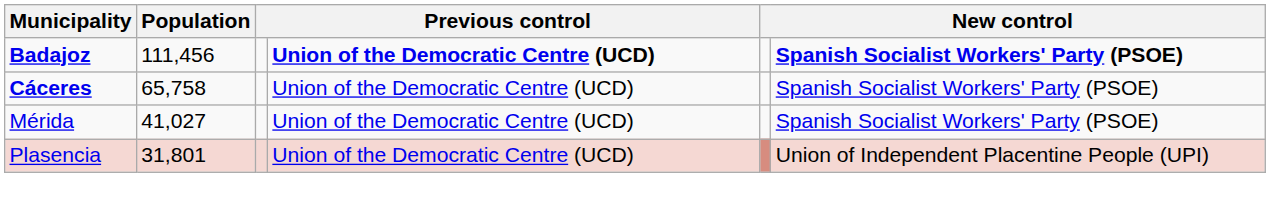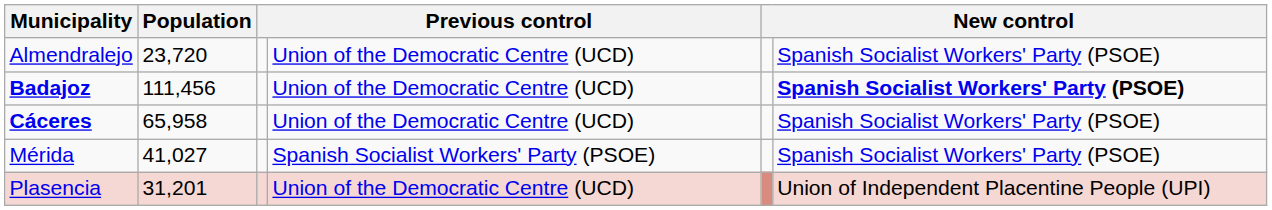 <table class="wikitable sortable">
 <tr>
 <th>Municipality</th>
 <th>Population</th>
 <th colspan="2" style="width:375px;">Previous control</th>
 <th colspan="2" style="width:375px;">New control</th>
 </tr>
 <tr>
+<td><a href='#'>Almendralejo</a></td>
+<td>23,720</td>
+<td width="1" style="color:inherit;background:"></td>
+<td><a href='#'>Union of the Democratic Centre</a> (UCD)</td>
+<td width="1" style="color:inherit;background:"></td>
+<td><a href='#'>Spanish Socialist Workers' Party</a> (PSOE)</td>
+</tr>
+<tr>
 <td><strong><a href='#'>Badajoz</a></strong></td>
 <td>111,456</td>
 <td style="color:inherit;background:"></td>
-<td><strong><a href='#'>Union of the Democratic Centre</a> (UCD)</strong></td>
+<td><a href='#'>Union of the Democratic Centre</a> (UCD)</td>
 <td style="color:inherit;background:"></td>
 <td><strong><a href='#'>Spanish Socialist Workers' Party</a> (PSOE)</strong></td>
 </tr>
 <tr>
 <td><strong><a href='#'>Cáceres</a></strong></td>
-<td>65,758</td>
+<td>65,958</td>
 <td style="color:inherit;background:"></td>
 <td><a href='#'>Union of the Democratic Centre</a> (UCD)</td>
 <td style="color:inherit;background:"></td>
 <td><a href='#'>Spanish Socialist Workers' Party</a> (PSOE)</td>
 </tr>
 <tr>
 <td><a href='#'>Mérida</a></td>
 <td>41,027</td>
 <td style="color:inherit;background:"></td>
-<td><a href='#'>Union of the Democratic Centre</a> (UCD)</td>
+<td><a href='#'>Spanish Socialist Workers' Party</a> (PSOE)</td>
 <td style="color:inherit;background:"></td>
 <td><a href='#'>Spanish Socialist Workers' Party</a> (PSOE)</td>
 </tr>
 <tr bgcolor="#F5D8D3">
 <td><a href='#'>Plasencia</a></td>
-<td>31,801</td>
+<td>31,201</td>
 <td style="color:inherit;background:"></td>
 <td><a href='#'>Union of the Democratic Centre</a> (UCD)</td>
 <td bgcolor="#D78C7F"></td>
 <td>Union of Independent Placentine People (UPI)</td>
 </tr>
 </table>
